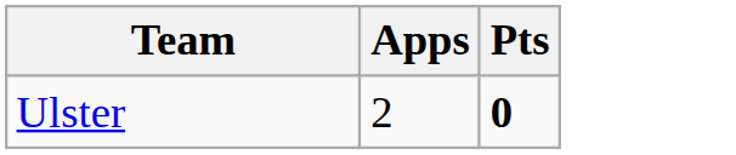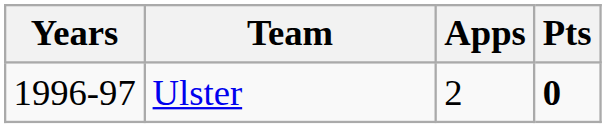 <table class="wikitable" style="text-align:left;">
 <tr>
+<th>Years</th>
 <th width=120px>Team</th>
 <th>Apps</th>
 <th>Pts</th>
 </tr>
 <tr>
+<td>1996-97</td>
 <td><a href='#'>Ulster</a></td>
 <td>2</td>
 <td><strong>0</strong></td>
 </tr>
 </table>
